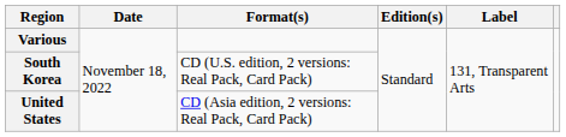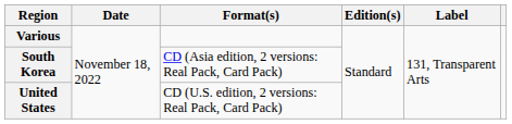 <table class="wikitable plainrowheaders">
 <tr>
 <th scope="col">Region</th>
 <th scope="col">Date</th>
 <th scope="col">Format(s)</th>
 <th scope="col">Edition(s)</th>
 <th scope="col">Label</th>
 <th scope="col"></th>
 </tr>
 <tr>
 <th scope="row">Various</th>
 <td rowspan="3">November 18, 2022</td>
 <td></td>
 <td rowspan="3">Standard</td>
 <td rowspan="3">131, Transparent Arts</td>
 <td style="text-align:center;" rowspan="3"></td>
 </tr>
 <tr>
 <th scope="row">South Korea</th>
-<td>CD (U.S. edition, 2 versions: Real Pack, Card Pack)</td>
+<td><a href='#'>CD</a> (Asia edition, 2 versions: Real Pack, Card Pack)</td>
 </tr>
 <tr>
 <th scope="row">United States</th>
-<td><a href='#'>CD</a> (Asia edition, 2 versions: Real Pack, Card Pack)</td>
+<td>CD (U.S. edition, 2 versions: Real Pack, Card Pack)</td>
 </tr>
 </table>
